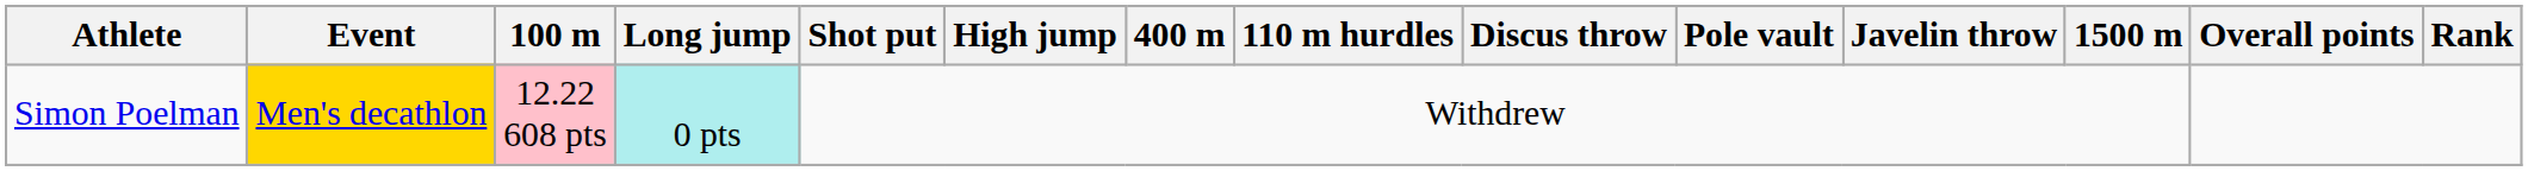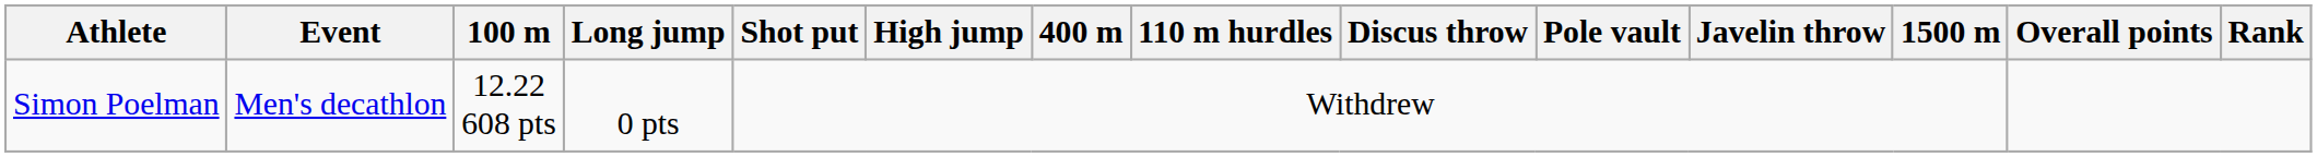 <table class=wikitable style="font-size:90%">
 <tr>
 <th>Athlete</th>
 <th>Event</th>
 <th>100 m</th>
 <th>Long jump</th>
 <th>Shot put</th>
 <th>High jump</th>
 <th>400 m</th>
 <th>110 m hurdles</th>
 <th>Discus throw</th>
 <th>Pole vault</th>
 <th>Javelin throw</th>
 <th>1500 m</th>
 <th>Overall points</th>
 <th>Rank</th>
 </tr>
 <tr align=center>
 <td align=left><a href='#'>Simon Poelman</a></td>
-<td align=left style="background: gold;"><a href='#'>Men's decathlon</a></td>
-<td style="background: pink;">12.22<br>608 pts</td>
-<td style="background: paleturquoise;"><br>0 pts</td>
+<td align=left><a href='#'>Men's decathlon</a></td>
+<td>12.22<br>608 pts</td>
+<td><br>0 pts</td>
 <td colspan=8>Withdrew</td>
 <td colspan=2></td>
 </tr>
 </table>
